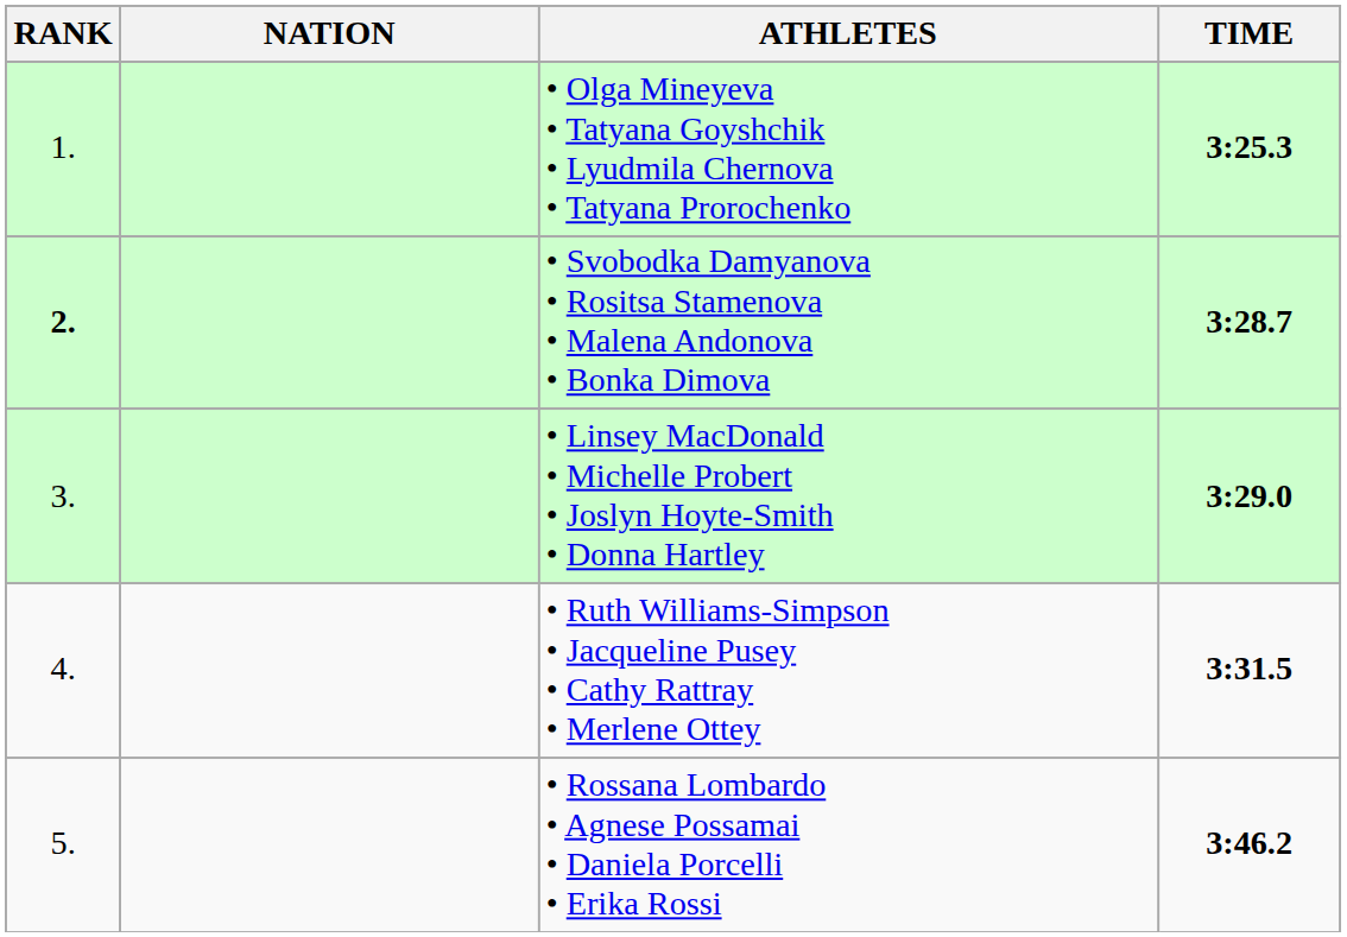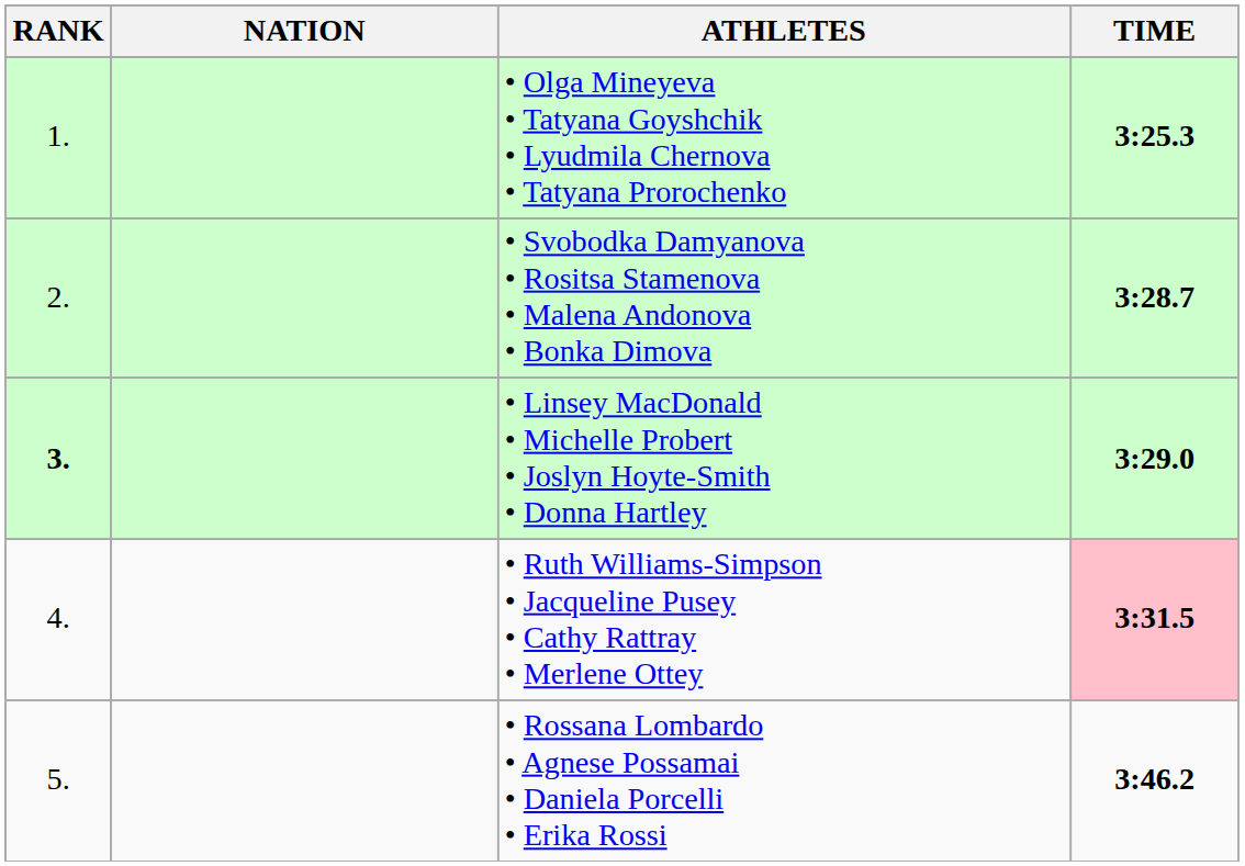 <table class="wikitable" style="border-collapse: collapse; font-size: 90%;">
 <tr>
 <th>RANK</th>
 <th style="width: 12em">NATION</th>
 <th style="width: 18em">ATHLETES</th>
 <th style="width: 5em">TIME</th>
 </tr>
 <tr>
 </tr>
 <tr style="background:#ccffcc;">
 <td align="center">1.</td>
 <td align="center"></td>
 <td>• <a href='#'>Olga Mineyeva</a><br>• <a href='#'>Tatyana Goyshchik</a><br>• <a href='#'>Lyudmila Chernova</a><br>• <a href='#'>Tatyana Prorochenko</a></td>
 <td align="center"><strong>3:25.3</strong></td>
 </tr>
 <tr>
 </tr>
 <tr style="background:#ccffcc;">
-<td align="center"><strong>2.</strong></td>
+<td align="center">2.</td>
 <td align="center"></td>
 <td>• <a href='#'>Svobodka Damyanova</a><br>• <a href='#'>Rositsa Stamenova</a><br>• <a href='#'>Malena Andonova</a><br>• <a href='#'>Bonka Dimova</a></td>
 <td align="center"><strong>3:28.7</strong></td>
 </tr>
 <tr>
 </tr>
 <tr style="background:#ccffcc;">
-<td align="center">3.</td>
+<td align="center"><strong>3.</strong></td>
 <td align="center"></td>
 <td>• <a href='#'>Linsey MacDonald</a><br>• <a href='#'>Michelle Probert</a><br>• <a href='#'>Joslyn Hoyte-Smith</a><br>• <a href='#'>Donna Hartley</a></td>
 <td align="center"><strong>3:29.0</strong></td>
 </tr>
 <tr>
 <td align="center">4.</td>
 <td align="center"></td>
 <td>• <a href='#'>Ruth Williams-Simpson</a><br>• <a href='#'>Jacqueline Pusey</a><br>• <a href='#'>Cathy Rattray</a><br>• <a href='#'>Merlene Ottey</a></td>
-<td align="center"><strong>3:31.5</strong></td>
+<td align="center" style="background: pink;"><strong>3:31.5</strong></td>
 </tr>
 <tr>
 <td align="center">5.</td>
 <td align="center"></td>
 <td>• <a href='#'>Rossana Lombardo</a><br>• <a href='#'>Agnese Possamai</a><br>• <a href='#'>Daniela Porcelli</a><br>• <a href='#'>Erika Rossi</a></td>
 <td align="center"><strong>3:46.2</strong></td>
 </tr>
 </table>
